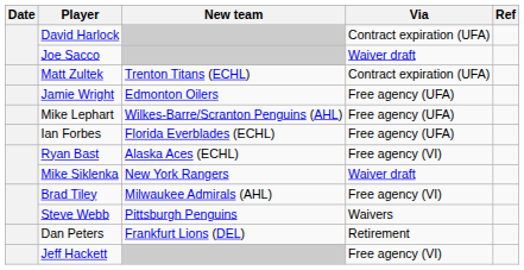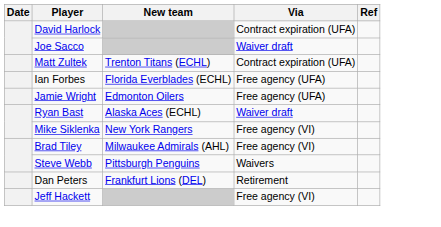 <table class="wikitable plainrowheaders">
 <tr style="background:#ddd; text-align:center;">
 <th>Date</th>
 <th>Player</th>
 <th>New team</th>
 <th>Via</th>
 <th>Ref</th>
 </tr>
 <tr>
 <th scope="row" rowspan=2></th>
 <td><a href='#'>David Harlock</a></td>
 <td style="background:#ccc"></td>
 <td>Contract expiration (UFA)</td>
 <td></td>
 </tr>
 <tr>
 <td><a href='#'>Joe Sacco</a></td>
 <td style="background:#ccc"></td>
 <td><a href='#'>Waiver draft</a></td>
 <td></td>
 </tr>
 <tr>
 <th scope="row"></th>
 <td><a href='#'>Matt Zultek</a></td>
 <td><a href='#'>Trenton Titans</a> (<a href='#'>ECHL</a>)</td>
 <td>Contract expiration (UFA)</td>
 <td></td>
 </tr>
 <tr>
 <th scope="row"></th>
-<td><a href='#'>Jamie Wright</a></td>
-<td><a href='#'>Edmonton Oilers</a></td>
+<td>Ian Forbes</td>
+<td><a href='#'>Florida Everblades</a> (ECHL)</td>
 <td>Free agency (UFA)</td>
 <td></td>
 </tr>
 <tr>
 <th scope="row"></th>
-<td>Mike Lephart</td>
-<td><a href='#'>Wilkes-Barre/Scranton Penguins</a> (<a href='#'>AHL</a>)</td>
-<td>Free agency (UFA)</td>
-<td></td>
-</tr>
-<tr>
-<th scope="row"></th>
-<td>Ian Forbes</td>
-<td><a href='#'>Florida Everblades</a> (ECHL)</td>
+<td><a href='#'>Jamie Wright</a></td>
+<td><a href='#'>Edmonton Oilers</a></td>
 <td>Free agency (UFA)</td>
 <td></td>
 </tr>
 <tr>
 <th scope="row" rowspan=2></th>
 <td><a href='#'>Ryan Bast</a></td>
 <td><a href='#'>Alaska Aces</a> (ECHL)</td>
-<td>Free agency (VI)</td>
+<td><a href='#'>Waiver draft</a></td>
 <td></td>
 </tr>
 <tr>
 <td><a href='#'>Mike Siklenka</a></td>
 <td><a href='#'>New York Rangers</a></td>
-<td><a href='#'>Waiver draft</a></td>
+<td>Free agency (VI)</td>
 <td></td>
 </tr>
 <tr>
 <th scope="row" rowspan=2></th>
 <td><a href='#'>Brad Tiley</a></td>
 <td><a href='#'>Milwaukee Admirals</a> (AHL)</td>
 <td>Free agency (VI)</td>
 <td></td>
 </tr>
 <tr>
 <td><a href='#'>Steve Webb</a></td>
 <td><a href='#'>Pittsburgh Penguins</a></td>
 <td>Waivers</td>
 <td></td>
 </tr>
 <tr>
 <th scope="row"></th>
 <td>Dan Peters</td>
 <td><a href='#'>Frankfurt Lions</a> (<a href='#'>DEL</a>)</td>
 <td>Retirement</td>
 <td></td>
 </tr>
 <tr>
 <th scope="row"></th>
 <td><a href='#'>Jeff Hackett</a></td>
 <td style="background:#ccc"></td>
 <td>Free agency (VI)</td>
 <td></td>
 </tr>
 </table>
